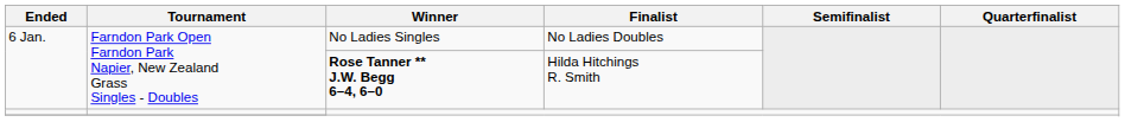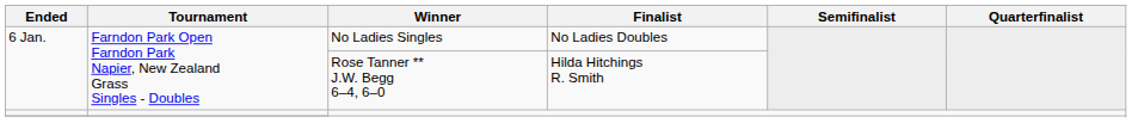 <table class="wikitable" style="font-size:85%;">
 <tr>
 <th width="75">Ended</th>
 <th width="230">Tournament</th>
 <th width="210">Winner</th>
 <th width="210">Finalist</th>
 <th width="170">Semifinalist</th>
 <th width="170">Quarterfinalist</th>
 </tr>
 <tr valign=top>
 <td rowspan=2>6 Jan.</td>
 <td rowspan=2><a href='#'>Farndon Park Open</a><br><a href='#'>Farndon Park</a><br><a href='#'>Napier</a>, New Zealand<br>Grass<br><a href='#'>Singles</a> - <a href='#'>Doubles</a></td>
 <td>No Ladies Singles</td>
 <td>No Ladies Doubles</td>
 <td style="background:#ededed;" rowspan=2></td>
 <td style="background:#ededed;" rowspan=2></td>
 </tr>
 <tr valign=top>
-<td><strong> Rose Tanner **<br> J.W. Begg <br>6–4, 6–0</strong></td>
+<td> Rose Tanner **<br> J.W. Begg <br>6–4, 6–0</td>
 <td> Hilda Hitchings<br> R. Smith</td>
 </tr>
 <tr valign=top>
 <td></td>
 <td></td>
 </tr>
 <tr valign=top>
 </tr>
 </table>
